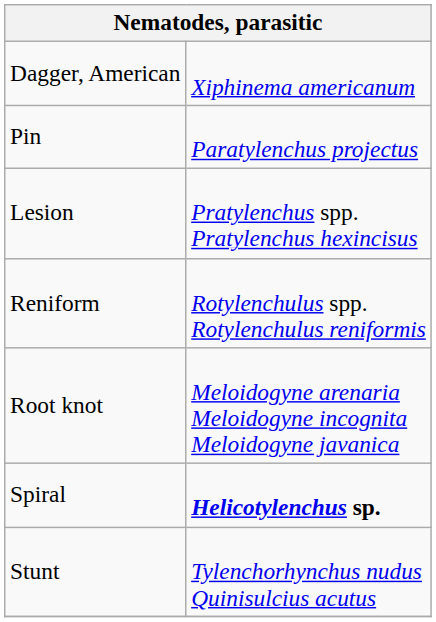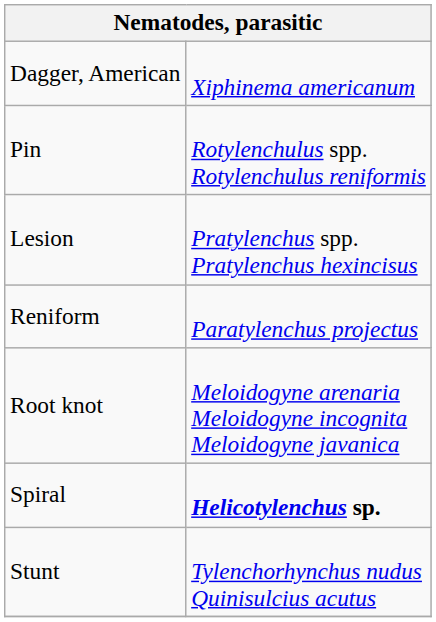 <table class="wikitable" style="clear">
 <tr>
 <th colspan=2><strong>Nematodes, parasitic</strong><br></th>
 </tr>
 <tr>
 <td>Dagger, American</td>
 <td><br><em><a href='#'>Xiphinema americanum</a></em></td>
 </tr>
 <tr>
 <td>Pin</td>
-<td><br><em><a href='#'>Paratylenchus projectus</a></em></td>
+<td><br><em><a href='#'>Rotylenchulus</a></em> spp. <br> <em><a href='#'>Rotylenchulus reniformis</a></em></td>
 </tr>
 <tr>
 <td>Lesion</td>
 <td><br><em><a href='#'>Pratylenchus</a></em> spp. <br> <em><a href='#'>Pratylenchus hexincisus</a></em></td>
 </tr>
 <tr>
 <td>Reniform</td>
-<td><br><em><a href='#'>Rotylenchulus</a></em> spp. <br> <em><a href='#'>Rotylenchulus reniformis</a></em></td>
+<td><br><em><a href='#'>Paratylenchus projectus</a></em></td>
 </tr>
 <tr>
 <td>Root knot</td>
 <td><br><em><a href='#'>Meloidogyne arenaria</a></em><br> <em><a href='#'>Meloidogyne incognita</a></em><br> <em><a href='#'>Meloidogyne javanica</a></em></td>
 </tr>
 <tr>
 <td>Spiral</td>
 <td><strong><br><em><a href='#'>Helicotylenchus</a></em> sp.</strong></td>
 </tr>
 <tr>
 <td>Stunt</td>
 <td><br><em><a href='#'>Tylenchorhynchus nudus</a></em><br> <em><a href='#'>Quinisulcius acutus</a></em></td>
 </tr>
 <tr>
 </tr>
 </table>
